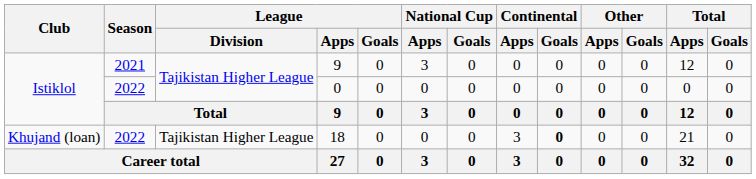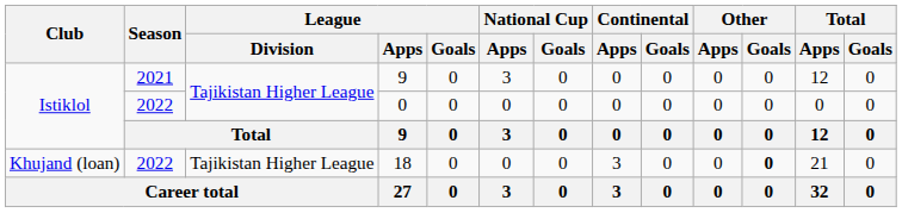 <table class="wikitable" style="text-align: center;">
 <tr>
 <th rowspan="2">Club</th>
 <th rowspan="2">Season</th>
 <th colspan="3">League</th>
 <th colspan="2">National Cup</th>
 <th colspan="2">Continental</th>
 <th colspan="2">Other</th>
 <th colspan="2">Total</th>
 </tr>
 <tr>
 <th>Division</th>
 <th>Apps</th>
 <th>Goals</th>
 <th>Apps</th>
 <th>Goals</th>
 <th>Apps</th>
 <th>Goals</th>
 <th>Apps</th>
 <th>Goals</th>
 <th>Apps</th>
 <th>Goals</th>
 </tr>
 <tr>
 <td rowspan="3" valign="center"><a href='#'>Istiklol</a></td>
 <td><a href='#'>2021</a></td>
 <td rowspan="2" valign="center"><a href='#'>Tajikistan Higher League</a></td>
 <td>9</td>
 <td>0</td>
 <td>3</td>
 <td>0</td>
 <td>0</td>
 <td>0</td>
 <td>0</td>
 <td>0</td>
 <td>12</td>
 <td>0</td>
 </tr>
 <tr>
 <td><a href='#'>2022</a></td>
 <td>0</td>
 <td>0</td>
 <td>0</td>
 <td>0</td>
 <td>0</td>
 <td>0</td>
 <td>0</td>
 <td>0</td>
 <td>0</td>
 <td>0</td>
 </tr>
 <tr>
 <th colspan="2">Total</th>
 <th>9</th>
 <th>0</th>
 <th>3</th>
 <th>0</th>
 <th>0</th>
 <th>0</th>
 <th>0</th>
 <th>0</th>
 <th>12</th>
 <th>0</th>
 </tr>
 <tr>
 <td rowspan="1" valign="center"><a href='#'>Khujand</a> (loan)</td>
 <td><a href='#'>2022</a></td>
 <td rowspan="1" valign="center">Tajikistan Higher League</td>
 <td>18</td>
 <td>0</td>
 <td>0</td>
 <td>0</td>
 <td>3</td>
-<td><strong>0</strong></td>
 <td>0</td>
 <td>0</td>
+<td><strong>0</strong></td>
 <td>21</td>
 <td>0</td>
 </tr>
 <tr>
 <th colspan="3">Career total</th>
 <th>27</th>
 <th>0</th>
 <th>3</th>
 <th>0</th>
 <th>3</th>
 <th>0</th>
 <th>0</th>
 <th>0</th>
 <th>32</th>
 <th>0</th>
 </tr>
 </table>
